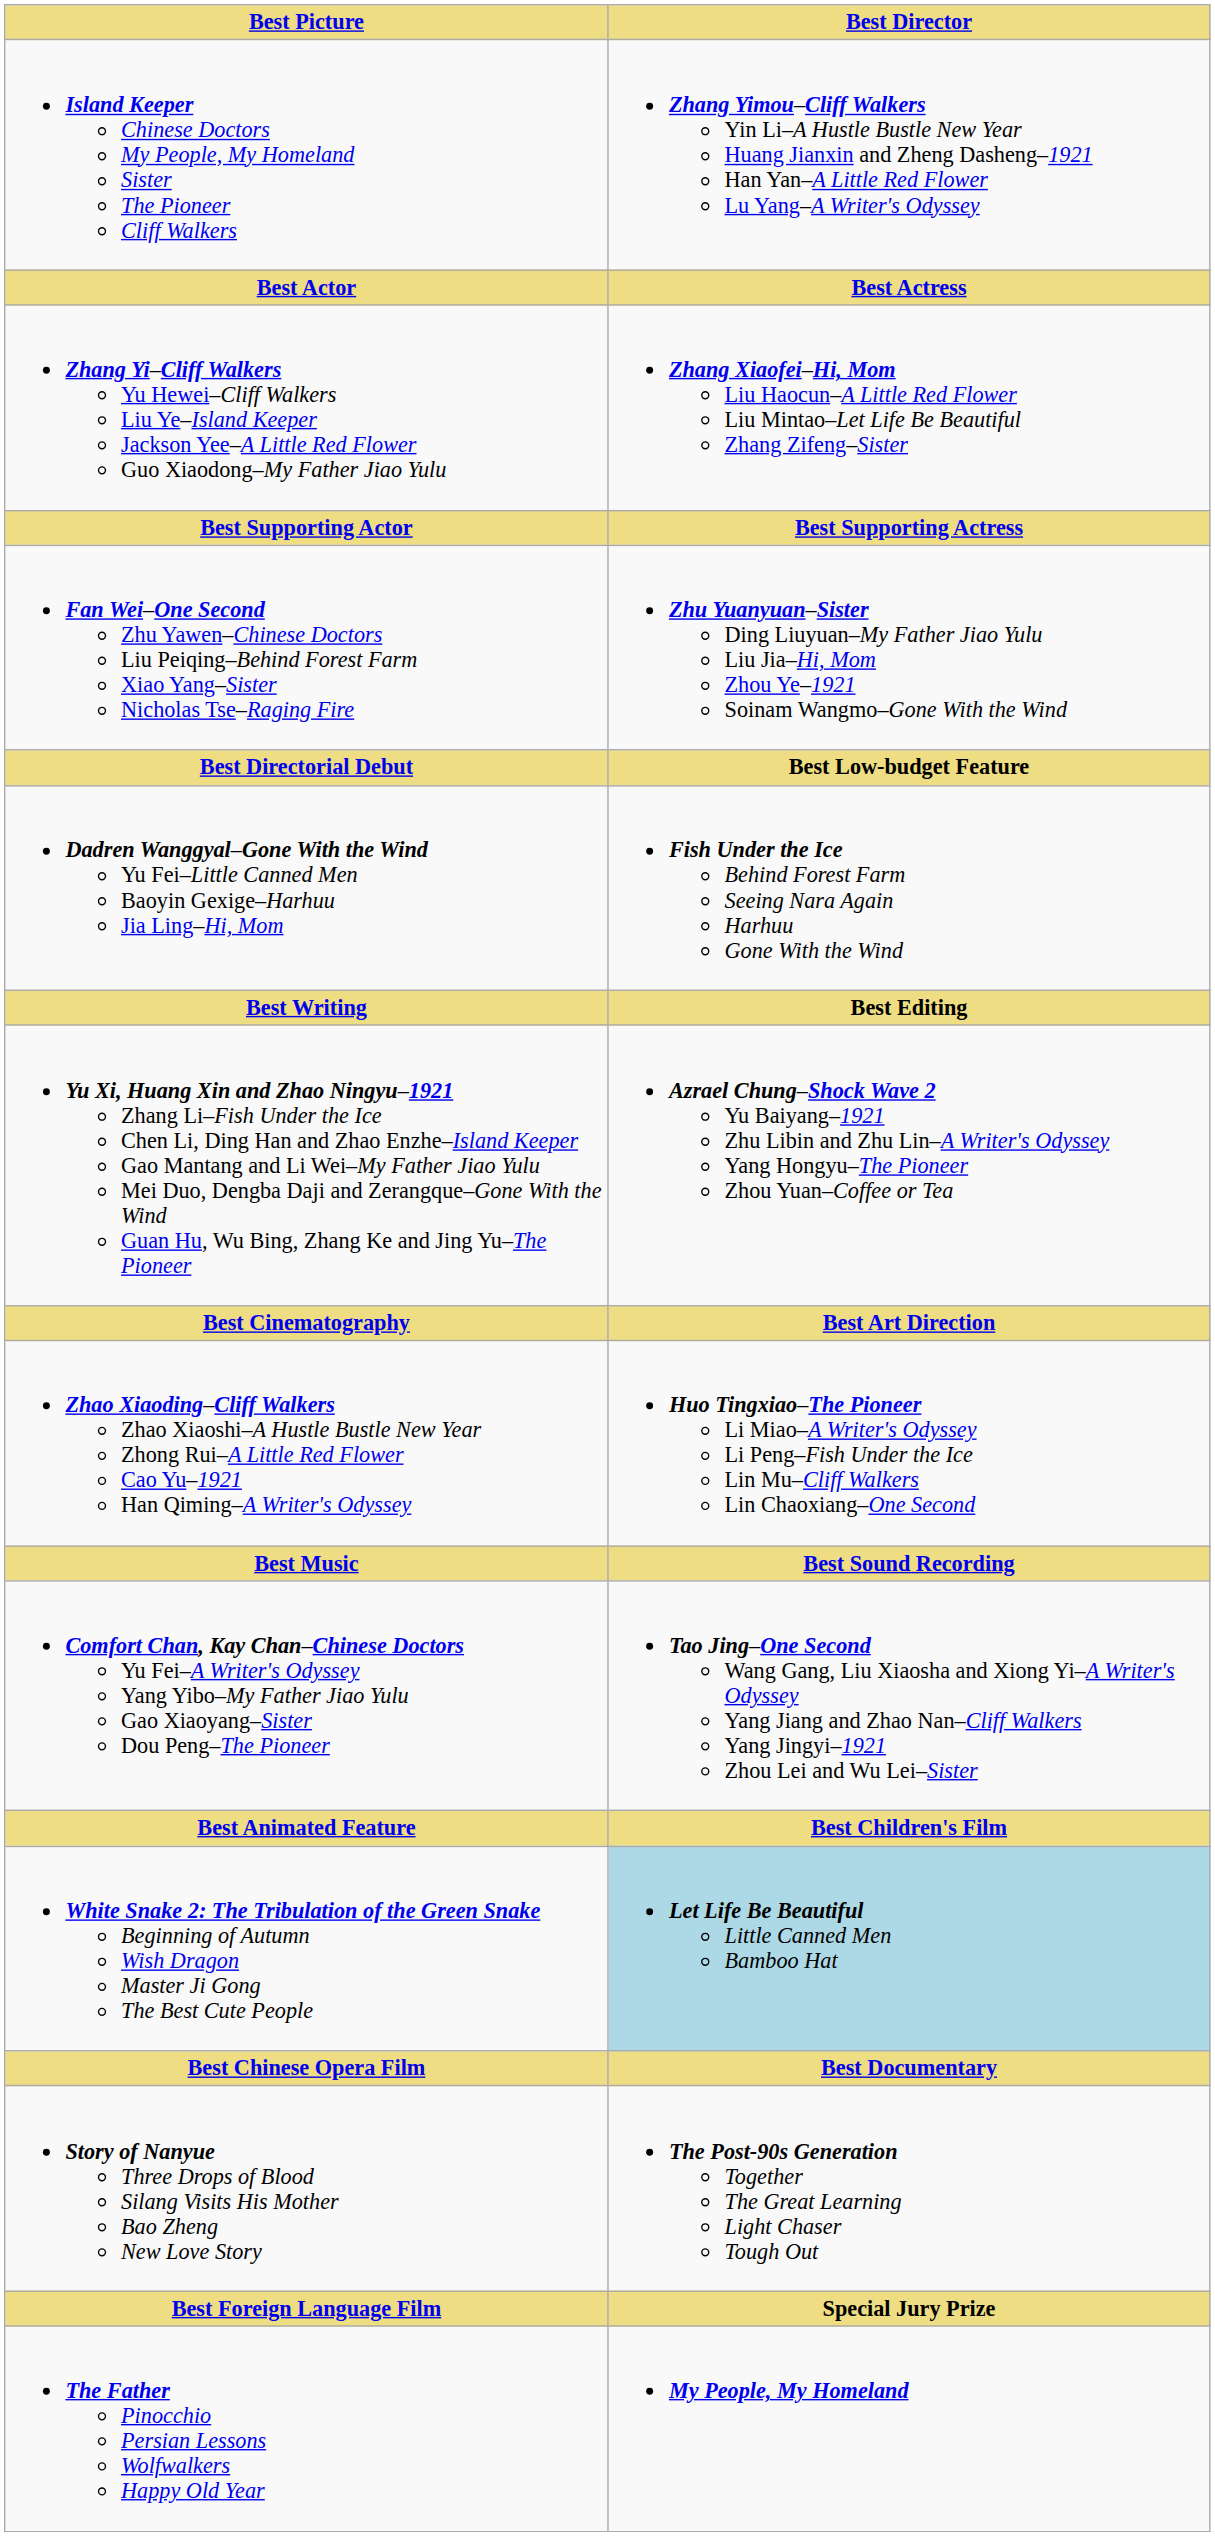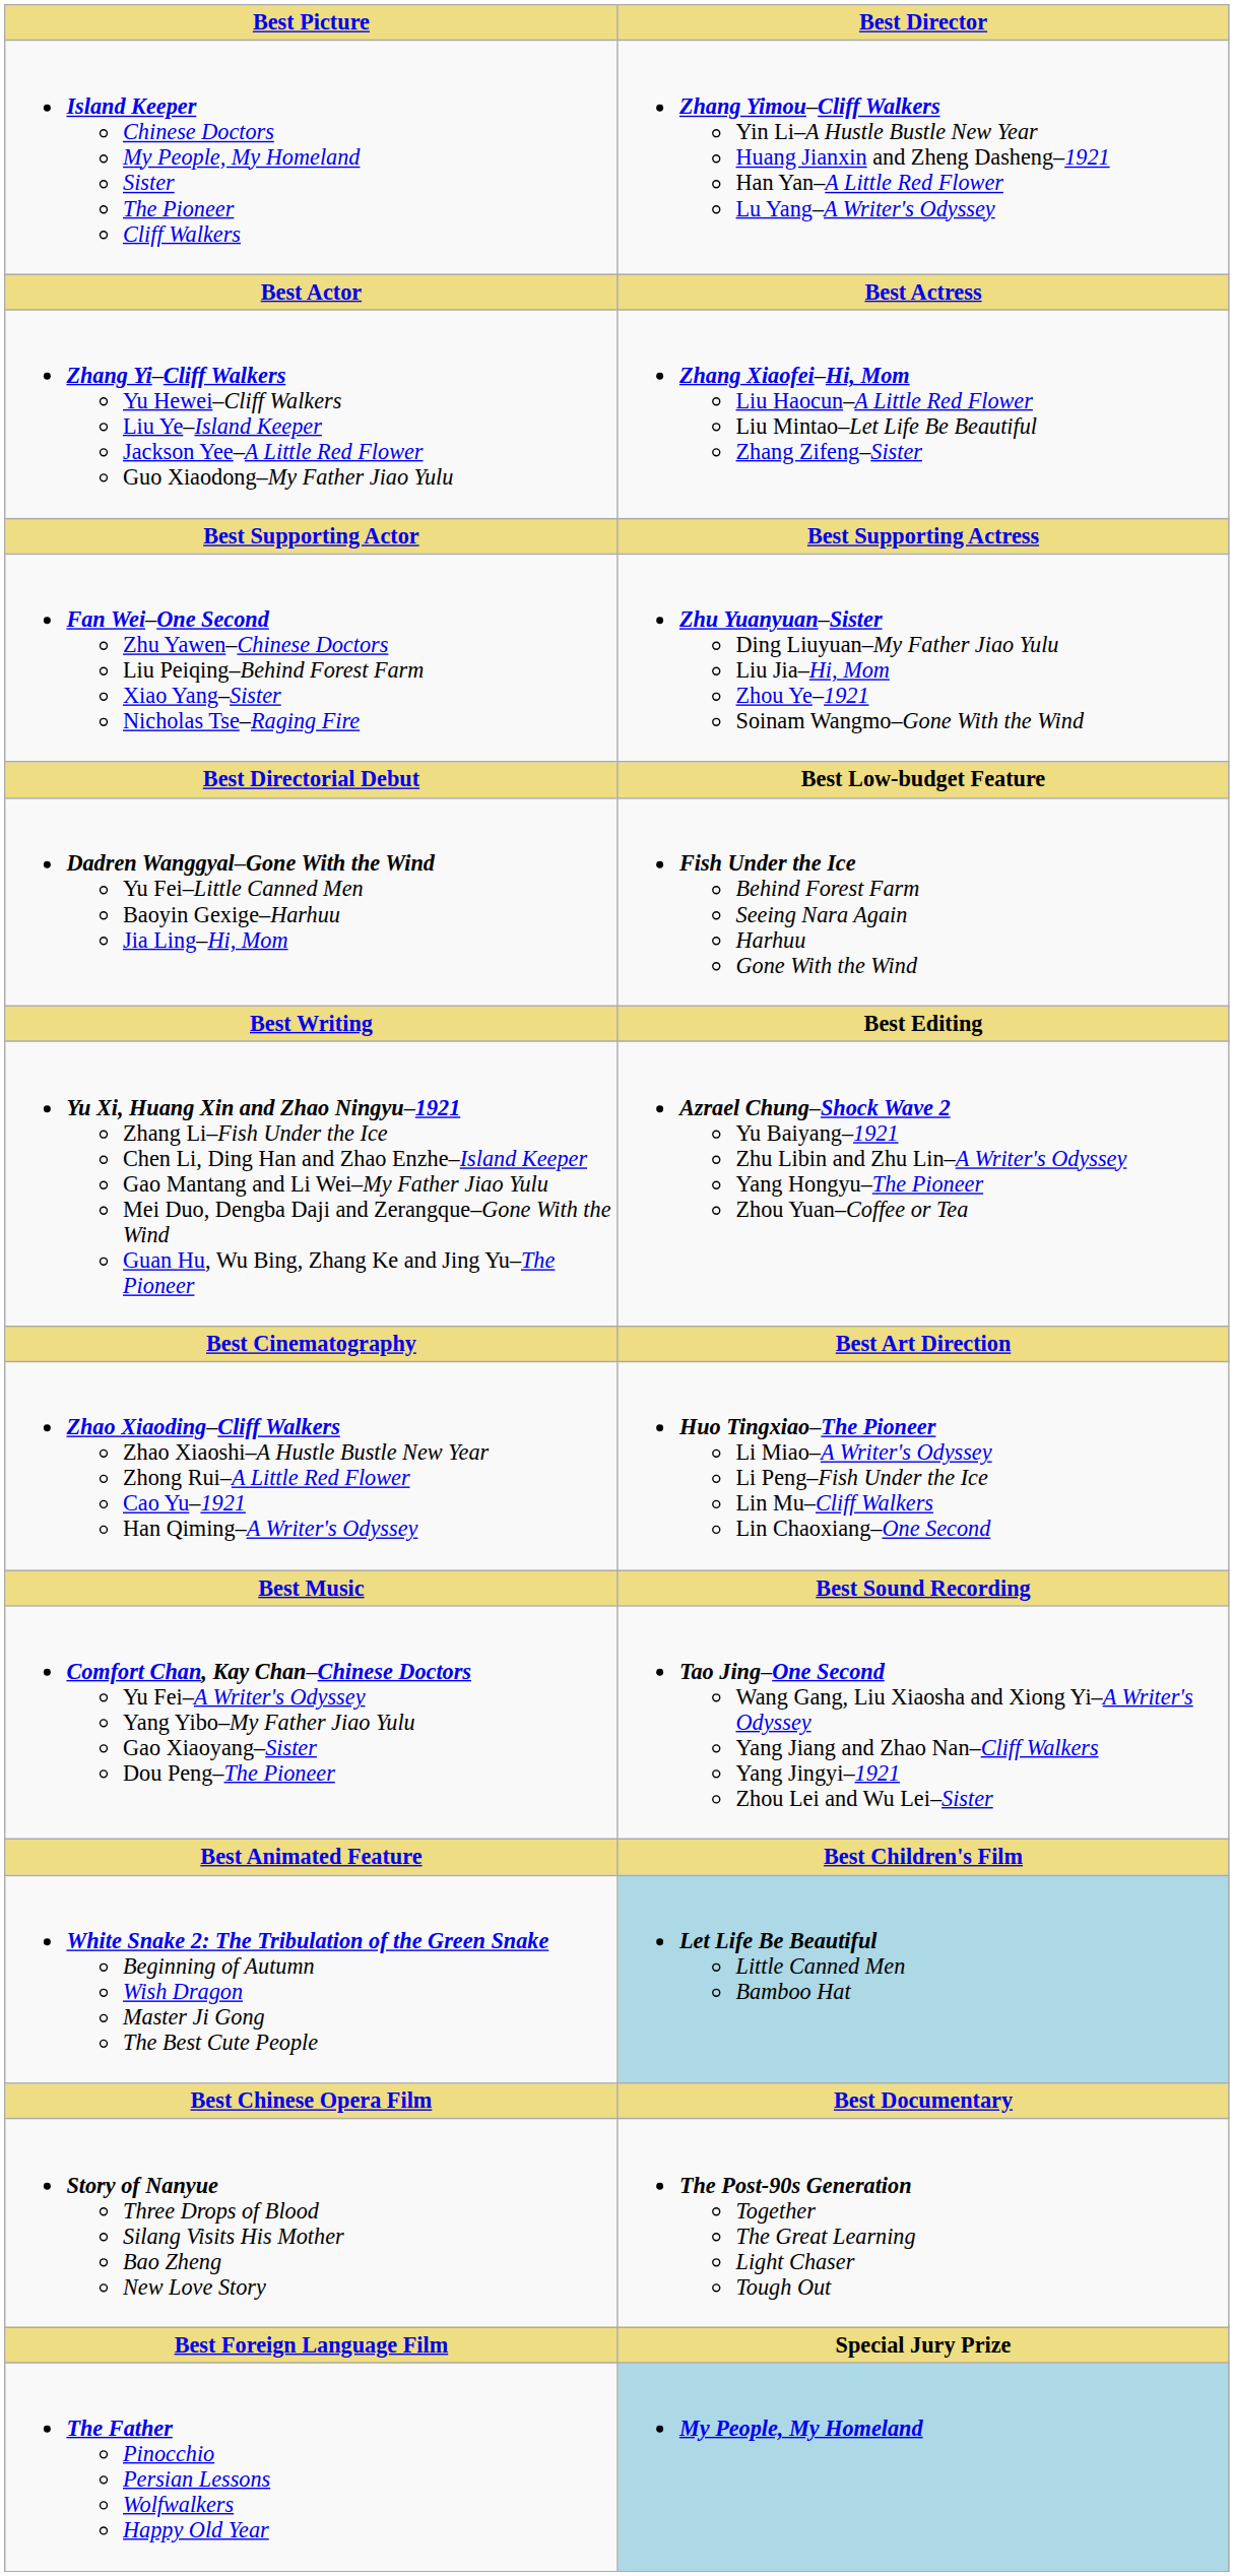 <table class="wikitable">
 <tr>
 <th style="background:#EEDD82; width=50%"><a href='#'>Best Picture</a></th>
 <th style="background:#EEDD82; width=50%"><a href='#'>Best Director</a></th>
 </tr>
 <tr>
 <td valign="top"><br><ul><li><strong><em><a href='#'>Island Keeper</a></em></strong><ul><li><em><a href='#'>Chinese Doctors</a></em></li><li><em><a href='#'>My People, My Homeland</a></em></li><li><em><a href='#'>Sister</a></em></li><li><em><a href='#'>The Pioneer</a></em></li><li><em><a href='#'>Cliff Walkers</a></em></li></ul></li></ul></td>
 <td valign="top"><br><ul><li><strong><em><a href='#'>Zhang Yimou</a></em></strong>–<strong><em><a href='#'>Cliff Walkers</a></em></strong><ul><li>Yin Li–<em>A Hustle Bustle New Year</em></li><li><a href='#'>Huang Jianxin</a> and Zheng Dasheng–<em><a href='#'>1921</a></em></li><li>Han Yan–<em><a href='#'>A Little Red Flower</a></em></li><li><a href='#'>Lu Yang</a>–<em><a href='#'>A Writer's Odyssey</a></em></li></ul></li></ul></td>
 </tr>
 <tr>
 <th style="background:#EEDD82; width=50%"><a href='#'>Best Actor</a></th>
 <th style="background:#EEDD82; width=50%"><a href='#'>Best Actress</a></th>
 </tr>
 <tr>
 <td valign="top"><br><ul><li><strong><em><a href='#'>Zhang Yi</a></em></strong>–<strong><em><a href='#'>Cliff Walkers</a></em></strong><ul><li><a href='#'>Yu Hewei</a>–<em>Cliff Walkers</em></li><li><a href='#'>Liu Ye</a>–<em><a href='#'>Island Keeper</a></em></li><li><a href='#'>Jackson Yee</a>–<em><a href='#'>A Little Red Flower</a></em></li><li>Guo Xiaodong–<em>My Father Jiao Yulu</em></li></ul></li></ul></td>
 <td valign="top"><br><ul><li><strong><em><a href='#'>Zhang Xiaofei</a></em></strong>–<strong><em><a href='#'>Hi, Mom</a></em></strong><ul><li><a href='#'>Liu Haocun</a>–<em><a href='#'>A Little Red Flower</a></em></li><li>Liu Mintao–<em>Let Life Be Beautiful</em></li><li><a href='#'>Zhang Zifeng</a>–<em><a href='#'>Sister</a></em></li></ul></li></ul></td>
 </tr>
 <tr>
 <th style="background:#EEDD82; width=50%"><a href='#'>Best Supporting Actor</a></th>
 <th style="background:#EEDD82; width=50%"><a href='#'>Best Supporting Actress</a></th>
 </tr>
 <tr>
 <td valign="top"><br><ul><li><strong><em><a href='#'>Fan Wei</a></em></strong>–<strong><em><a href='#'>One Second</a></em></strong><ul><li><a href='#'>Zhu Yawen</a>–<em><a href='#'>Chinese Doctors</a></em></li><li>Liu Peiqing–<em>Behind Forest Farm</em></li><li><a href='#'>Xiao Yang</a>–<em><a href='#'>Sister</a></em></li><li><a href='#'>Nicholas Tse</a>–<em><a href='#'>Raging Fire</a></em></li></ul></li></ul></td>
 <td valign="top"><br><ul><li><strong><em><a href='#'>Zhu Yuanyuan</a></em></strong>–<strong><em><a href='#'>Sister</a></em></strong><ul><li>Ding Liuyuan–<em>My Father Jiao Yulu</em></li><li>Liu Jia–<em><a href='#'>Hi, Mom</a></em></li><li><a href='#'>Zhou Ye</a>–<em><a href='#'>1921</a></em></li><li>Soinam Wangmo–<em>Gone With the Wind</em></li></ul></li></ul></td>
 </tr>
 <tr>
 <th style="background:#EEDD82; width=50%"><a href='#'>Best Directorial Debut</a></th>
 <th style="background:#EEDD82; width=50%">Best Low-budget Feature</th>
 </tr>
 <tr>
 <td valign="top"><br><ul><li><strong><em>Dadren Wanggyal</em></strong>–<strong><em>Gone With the Wind</em></strong><ul><li>Yu Fei–<em>Little Canned Men</em></li><li>Baoyin Gexige–<em>Harhuu</em></li><li><a href='#'>Jia Ling</a>–<em><a href='#'>Hi, Mom</a></em></li></ul></li></ul></td>
 <td valign="top"><br><ul><li><strong><em>Fish Under the Ice</em></strong><ul><li><em>Behind Forest Farm</em></li><li><em>Seeing Nara Again</em></li><li><em>Harhuu</em></li><li><em>Gone With the Wind</em></li></ul></li></ul></td>
 </tr>
 <tr>
 <th style="background:#EEDD82; width=50%"><a href='#'>Best Writing</a></th>
 <th style="background:#EEDD82; width=50%">Best Editing</th>
 </tr>
 <tr>
 <td valign="top"><br><ul><li><strong><em>Yu Xi, Huang Xin and Zhao Ningyu</em></strong>–<strong><em><a href='#'>1921</a></em></strong><ul><li>Zhang Li–<em>Fish Under the Ice</em></li><li>Chen Li, Ding Han and Zhao Enzhe–<em><a href='#'>Island Keeper</a></em></li><li>Gao Mantang and Li Wei–<em>My Father Jiao Yulu</em></li><li>Mei Duo, Dengba Daji and Zerangque–<em>Gone With the Wind</em></li><li><a href='#'>Guan Hu</a>, Wu Bing, Zhang Ke and Jing Yu–<em><a href='#'>The Pioneer</a></em></li></ul></li></ul></td>
 <td valign="top"><br><ul><li><strong><em>Azrael Chung</em></strong>–<strong><em><a href='#'>Shock Wave 2</a></em></strong><ul><li>Yu Baiyang–<em><a href='#'>1921</a></em></li><li>Zhu Libin and Zhu Lin–<em><a href='#'>A Writer's Odyssey</a></em></li><li>Yang Hongyu–<em><a href='#'>The Pioneer</a></em></li><li>Zhou Yuan–<em>Coffee or Tea</em></li></ul></li></ul></td>
 </tr>
 <tr>
 <th style="background:#EEDD82; width=50%"><a href='#'>Best Cinematography</a></th>
 <th style="background:#EEDD82; width=50%"><a href='#'>Best Art Direction</a></th>
 </tr>
 <tr>
 <td valign="top"><br><ul><li><strong><em><a href='#'>Zhao Xiaoding</a></em></strong>–<strong><em><a href='#'>Cliff Walkers</a></em></strong><ul><li>Zhao Xiaoshi–<em>A Hustle Bustle New Year</em></li><li>Zhong Rui–<em><a href='#'>A Little Red Flower</a></em></li><li><a href='#'>Cao Yu</a>–<em><a href='#'>1921</a></em></li><li>Han Qiming–<em><a href='#'>A Writer's Odyssey</a></em></li></ul></li></ul></td>
 <td valign="top"><br><ul><li><strong><em>Huo Tingxiao</em></strong>–<strong><em><a href='#'>The Pioneer</a></em></strong><ul><li>Li Miao–<em><a href='#'>A Writer's Odyssey</a></em></li><li>Li Peng–<em>Fish Under the Ice</em></li><li>Lin Mu–<em><a href='#'>Cliff Walkers</a></em></li><li>Lin Chaoxiang–<em><a href='#'>One Second</a></em></li></ul></li></ul></td>
 </tr>
 <tr>
 <th style="background:#EEDD82; width=50%"><a href='#'>Best Music</a></th>
 <th style="background:#EEDD82; width=50%"><a href='#'>Best Sound Recording</a></th>
 </tr>
 <tr>
 <td valign="top"><br><ul><li><strong><em><a href='#'>Comfort Chan</a>, Kay Chan</em></strong>–<strong><em><a href='#'>Chinese Doctors</a></em></strong><ul><li>Yu Fei–<em><a href='#'>A Writer's Odyssey</a></em></li><li>Yang Yibo–<em>My Father Jiao Yulu</em></li><li>Gao Xiaoyang–<em><a href='#'>Sister</a></em></li><li>Dou Peng–<em><a href='#'>The Pioneer</a></em></li></ul></li></ul></td>
 <td valign="top"><br><ul><li><strong><em>Tao Jing</em></strong>–<strong><em><a href='#'>One Second</a></em></strong><ul><li>Wang Gang, Liu Xiaosha and Xiong Yi–<em><a href='#'>A Writer's Odyssey</a></em></li><li>Yang Jiang and Zhao Nan–<em><a href='#'>Cliff Walkers</a></em></li><li>Yang Jingyi–<em><a href='#'>1921</a></em></li><li>Zhou Lei and Wu Lei–<em><a href='#'>Sister</a></em></li></ul></li></ul></td>
 </tr>
 <tr>
 <th style="background:#EEDD82; width=50%"><a href='#'>Best Animated Feature</a></th>
 <th style="background:#EEDD82; width=50%"><a href='#'>Best Children's Film</a></th>
 </tr>
 <tr>
 <td valign="top"><br><ul><li><strong><em><a href='#'>White Snake 2: The Tribulation of the Green Snake</a></em></strong><ul><li><em>Beginning of Autumn</em></li><li><em><a href='#'>Wish Dragon</a></em></li><li><em>Master Ji Gong</em></li><li><em>The Best Cute People</em></li></ul></li></ul></td>
 <td valign="top" style="background: lightblue;"><br><ul><li><strong><em>Let Life Be Beautiful</em></strong><ul><li><em>Little Canned Men</em></li><li><em>Bamboo Hat</em></li></ul></li></ul></td>
 </tr>
 <tr>
 <th style="background:#EEDD82; width=50%"><a href='#'>Best Chinese Opera Film</a></th>
 <th style="background:#EEDD82; width=50%"><a href='#'>Best Documentary</a></th>
 </tr>
 <tr>
 <td valign="top"><br><ul><li><strong><em>Story of Nanyue</em></strong><ul><li><em>Three Drops of Blood</em></li><li><em>Silang Visits His Mother</em></li><li><em>Bao Zheng</em></li><li><em>New Love Story</em></li></ul></li></ul></td>
 <td valign="top"><br><ul><li><strong><em>The Post-90s Generation</em></strong><ul><li><em>Together</em></li><li><em>The Great Learning</em></li><li><em>Light Chaser</em></li><li><em>Tough Out</em></li></ul></li></ul></td>
 </tr>
 <tr>
 <th style="background:#EEDD82; width=50%"><a href='#'>Best Foreign Language Film</a></th>
 <th style="background:#EEDD82; width=50%">Special Jury Prize</th>
 </tr>
 <tr>
 <td valign="top"><br><ul><li><strong><em><a href='#'>The Father</a></em></strong><ul><li><em><a href='#'>Pinocchio</a></em></li><li><em><a href='#'>Persian Lessons</a></em></li><li><em><a href='#'>Wolfwalkers</a></em></li><li><em><a href='#'>Happy Old Year</a></em></li></ul></li></ul></td>
-<td valign="top"><br><ul><li><strong><em><a href='#'>My People, My Homeland</a></em></strong></li></ul></td>
+<td valign="top" style="background: lightblue;"><br><ul><li><strong><em><a href='#'>My People, My Homeland</a></em></strong></li></ul></td>
 </tr>
 </table>
